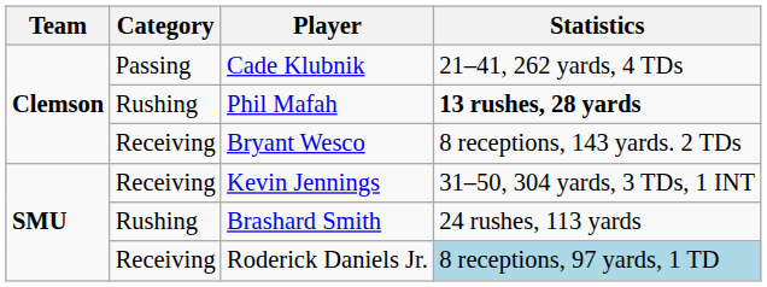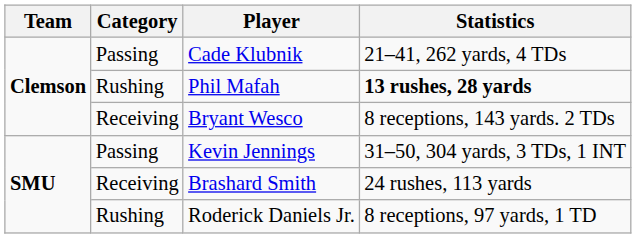 <table class="wikitable" style="float: right;">
 <tr>
 <th>Team</th>
 <th>Category</th>
 <th>Player</th>
 <th>Statistics</th>
 </tr>
 <tr>
 <td rowspan=3><strong>Clemson</strong></td>
 <td>Passing</td>
 <td><a href='#'>Cade Klubnik</a></td>
 <td>21–41, 262 yards, 4 TDs</td>
 </tr>
 <tr>
 <td>Rushing</td>
 <td><a href='#'>Phil Mafah</a></td>
 <td><strong>13 rushes, 28 yards</strong></td>
 </tr>
 <tr>
 <td>Receiving</td>
 <td><a href='#'>Bryant Wesco</a></td>
 <td>8 receptions, 143 yards. 2 TDs</td>
 </tr>
 <tr>
 <td rowspan=3><strong>SMU</strong></td>
-<td>Receiving</td>
+<td>Passing</td>
 <td><a href='#'>Kevin Jennings</a></td>
 <td>31–50, 304 yards, 3 TDs, 1 INT</td>
 </tr>
 <tr>
-<td>Rushing</td>
+<td>Receiving</td>
 <td><a href='#'>Brashard Smith</a></td>
 <td>24 rushes, 113 yards</td>
 </tr>
 <tr>
-<td>Receiving</td>
+<td>Rushing</td>
 <td>Roderick Daniels Jr.</td>
-<td style="background: lightblue;">8 receptions, 97 yards, 1 TD</td>
+<td>8 receptions, 97 yards, 1 TD</td>
 </tr>
 </table>
